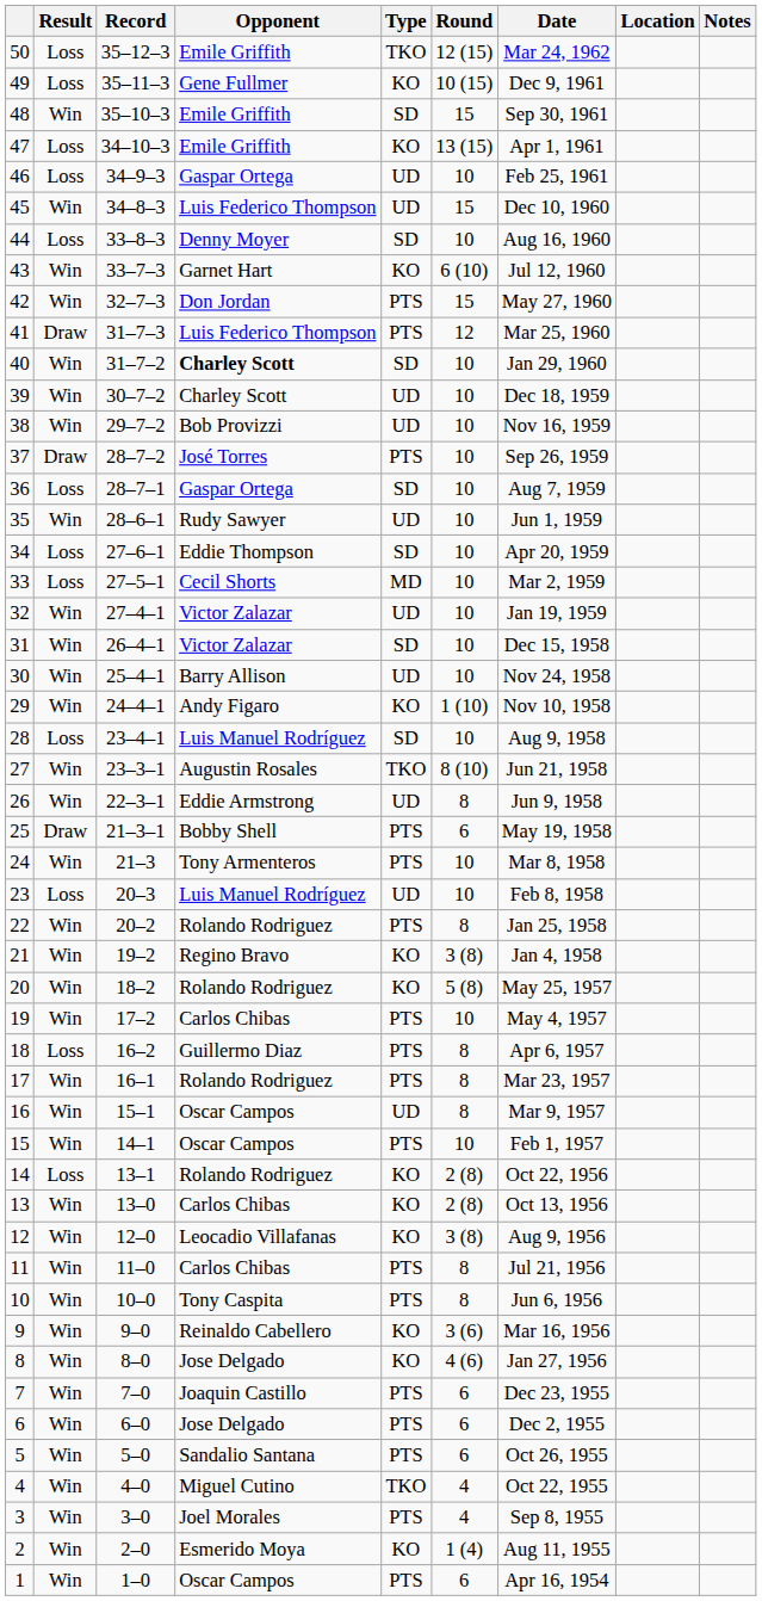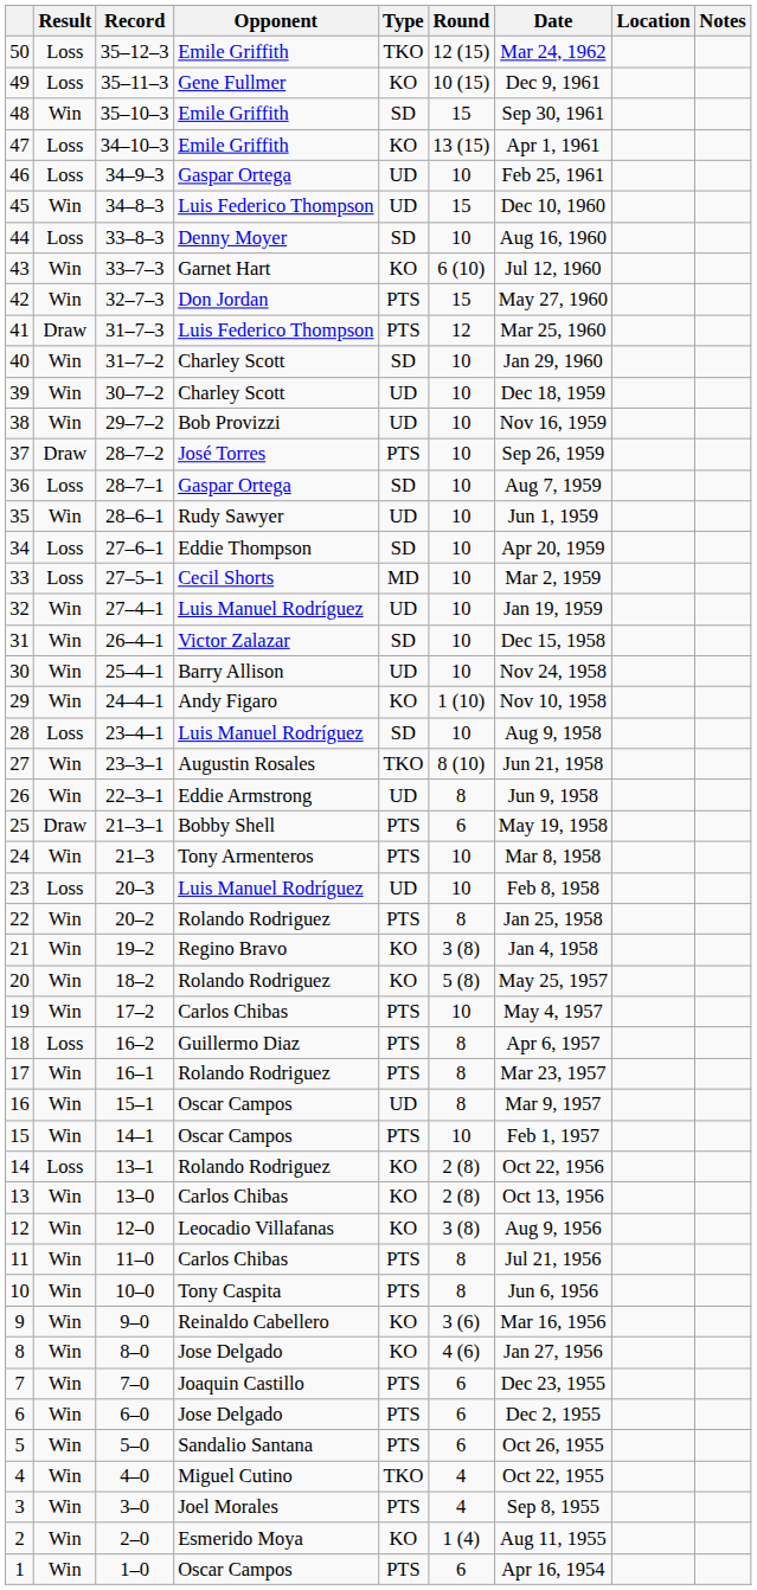 <table class="wikitable" style="text-align:center">
 <tr>
 <th></th>
 <th>Result</th>
 <th>Record</th>
 <th>Opponent</th>
 <th>Type</th>
 <th>Round</th>
 <th>Date</th>
 <th>Location</th>
 <th>Notes</th>
 </tr>
 <tr>
 <td>50</td>
 <td>Loss</td>
 <td>35–12–3</td>
 <td style="text-align:left;"><a href='#'>Emile Griffith</a></td>
 <td>TKO</td>
 <td>12 (15)</td>
 <td><a href='#'>Mar 24, 1962</a></td>
 <td style="text-align:left;"></td>
 <td align=left></td>
 </tr>
 <tr>
 <td>49</td>
 <td>Loss</td>
 <td>35–11–3</td>
 <td style="text-align:left;"><a href='#'>Gene Fullmer</a></td>
 <td>KO</td>
 <td>10 (15)</td>
 <td>Dec 9, 1961</td>
 <td style="text-align:left;"></td>
 <td align=left></td>
 </tr>
 <tr>
 <td>48</td>
 <td>Win</td>
 <td>35–10–3</td>
 <td style="text-align:left;"><a href='#'>Emile Griffith</a></td>
 <td>SD</td>
 <td>15</td>
 <td>Sep 30, 1961</td>
 <td style="text-align:left;"></td>
 <td align=left></td>
 </tr>
 <tr>
 <td>47</td>
 <td>Loss</td>
 <td>34–10–3</td>
 <td style="text-align:left;"><a href='#'>Emile Griffith</a></td>
 <td>KO</td>
 <td>13 (15)</td>
 <td>Apr 1, 1961</td>
 <td style="text-align:left;"></td>
 <td align=left></td>
 </tr>
 <tr>
 <td>46</td>
 <td>Loss</td>
 <td>34–9–3</td>
 <td style="text-align:left;"><a href='#'>Gaspar Ortega</a></td>
 <td>UD</td>
 <td>10</td>
 <td>Feb 25, 1961</td>
 <td style="text-align:left;"></td>
 <td></td>
 </tr>
 <tr>
 <td>45</td>
 <td>Win</td>
 <td>34–8–3</td>
 <td style="text-align:left;"><a href='#'>Luis Federico Thompson</a></td>
 <td>UD</td>
 <td>15</td>
 <td>Dec 10, 1960</td>
 <td style="text-align:left;"></td>
 <td align=left></td>
 </tr>
 <tr>
 <td>44</td>
 <td>Loss</td>
 <td>33–8–3</td>
 <td style="text-align:left;"><a href='#'>Denny Moyer</a></td>
 <td>SD</td>
 <td>10</td>
 <td>Aug 16, 1960</td>
 <td style="text-align:left;"></td>
 <td></td>
 </tr>
 <tr>
 <td>43</td>
 <td>Win</td>
 <td>33–7–3</td>
 <td style="text-align:left;">Garnet Hart</td>
 <td>KO</td>
 <td>6 (10)</td>
 <td>Jul 12, 1960</td>
 <td style="text-align:left;"></td>
 <td></td>
 </tr>
 <tr>
 <td>42</td>
 <td>Win</td>
 <td>32–7–3</td>
 <td style="text-align:left;"><a href='#'>Don Jordan</a></td>
 <td>PTS</td>
 <td>15</td>
 <td>May 27, 1960</td>
 <td style="text-align:left;"></td>
 <td align=left></td>
 </tr>
 <tr>
 <td>41</td>
 <td>Draw</td>
 <td>31–7–3</td>
 <td style="text-align:left;"><a href='#'>Luis Federico Thompson</a></td>
 <td>PTS</td>
 <td>12</td>
 <td>Mar 25, 1960</td>
 <td style="text-align:left;"></td>
 <td></td>
 </tr>
 <tr>
 <td>40</td>
 <td>Win</td>
 <td>31–7–2</td>
-<td style="text-align:left;"><strong>Charley Scott</strong></td>
+<td style="text-align:left;">Charley Scott</td>
 <td>SD</td>
 <td>10</td>
 <td>Jan 29, 1960</td>
 <td style="text-align:left;"></td>
 <td></td>
 </tr>
 <tr>
 <td>39</td>
 <td>Win</td>
 <td>30–7–2</td>
 <td style="text-align:left;">Charley Scott</td>
 <td>UD</td>
 <td>10</td>
 <td>Dec 18, 1959</td>
 <td style="text-align:left;"></td>
 <td></td>
 </tr>
 <tr>
 <td>38</td>
 <td>Win</td>
 <td>29–7–2</td>
 <td style="text-align:left;">Bob Provizzi</td>
 <td>UD</td>
 <td>10</td>
 <td>Nov 16, 1959</td>
 <td style="text-align:left;"></td>
 <td></td>
 </tr>
 <tr>
 <td>37</td>
 <td>Draw</td>
 <td>28–7–2</td>
 <td style="text-align:left;"><a href='#'>José Torres</a></td>
 <td>PTS</td>
 <td>10</td>
 <td>Sep 26, 1959</td>
 <td style="text-align:left;"></td>
 <td></td>
 </tr>
 <tr>
 <td>36</td>
 <td>Loss</td>
 <td>28–7–1</td>
 <td style="text-align:left;"><a href='#'>Gaspar Ortega</a></td>
 <td>SD</td>
 <td>10</td>
 <td>Aug 7, 1959</td>
 <td style="text-align:left;"></td>
 <td></td>
 </tr>
 <tr>
 <td>35</td>
 <td>Win</td>
 <td>28–6–1</td>
 <td style="text-align:left;">Rudy Sawyer</td>
 <td>UD</td>
 <td>10</td>
 <td>Jun 1, 1959</td>
 <td style="text-align:left;"></td>
 <td></td>
 </tr>
 <tr>
 <td>34</td>
 <td>Loss</td>
 <td>27–6–1</td>
 <td style="text-align:left;">Eddie Thompson</td>
 <td>SD</td>
 <td>10</td>
 <td>Apr 20, 1959</td>
 <td style="text-align:left;"></td>
 <td></td>
 </tr>
 <tr>
 <td>33</td>
 <td>Loss</td>
 <td>27–5–1</td>
 <td style="text-align:left;"><a href='#'>Cecil Shorts</a></td>
 <td>MD</td>
 <td>10</td>
 <td>Mar 2, 1959</td>
 <td style="text-align:left;"></td>
 <td></td>
 </tr>
 <tr>
 <td>32</td>
 <td>Win</td>
 <td>27–4–1</td>
-<td style="text-align:left;"><a href='#'>Victor Zalazar</a></td>
+<td style="text-align:left;"><a href='#'>Luis Manuel Rodríguez</a></td>
 <td>UD</td>
 <td>10</td>
 <td>Jan 19, 1959</td>
 <td style="text-align:left;"></td>
 <td></td>
 </tr>
 <tr>
 <td>31</td>
 <td>Win</td>
 <td>26–4–1</td>
 <td style="text-align:left;"><a href='#'>Victor Zalazar</a></td>
 <td>SD</td>
 <td>10</td>
 <td>Dec 15, 1958</td>
 <td style="text-align:left;"></td>
 <td></td>
 </tr>
 <tr>
 <td>30</td>
 <td>Win</td>
 <td>25–4–1</td>
 <td style="text-align:left;">Barry Allison</td>
 <td>UD</td>
 <td>10</td>
 <td>Nov 24, 1958</td>
 <td style="text-align:left;"></td>
 <td></td>
 </tr>
 <tr>
 <td>29</td>
 <td>Win</td>
 <td>24–4–1</td>
 <td style="text-align:left;">Andy Figaro</td>
 <td>KO</td>
 <td>1 (10)</td>
 <td>Nov 10, 1958</td>
 <td style="text-align:left;"></td>
 <td></td>
 </tr>
 <tr>
 <td>28</td>
 <td>Loss</td>
 <td>23–4–1</td>
 <td style="text-align:left;"><a href='#'>Luis Manuel Rodríguez</a></td>
 <td>SD</td>
 <td>10</td>
 <td>Aug 9, 1958</td>
 <td style="text-align:left;"></td>
 <td></td>
 </tr>
 <tr>
 <td>27</td>
 <td>Win</td>
 <td>23–3–1</td>
 <td style="text-align:left;">Augustin Rosales</td>
 <td>TKO</td>
 <td>8 (10)</td>
 <td>Jun 21, 1958</td>
 <td style="text-align:left;"></td>
 <td></td>
 </tr>
 <tr>
 <td>26</td>
 <td>Win</td>
 <td>22–3–1</td>
 <td style="text-align:left;">Eddie Armstrong</td>
 <td>UD</td>
 <td>8</td>
 <td>Jun 9, 1958</td>
 <td style="text-align:left;"></td>
 <td></td>
 </tr>
 <tr>
 <td>25</td>
 <td>Draw</td>
 <td>21–3–1</td>
 <td style="text-align:left;">Bobby Shell</td>
 <td>PTS</td>
 <td>6</td>
 <td>May 19, 1958</td>
 <td style="text-align:left;"></td>
 <td></td>
 </tr>
 <tr>
 <td>24</td>
 <td>Win</td>
 <td>21–3</td>
 <td style="text-align:left;">Tony Armenteros</td>
 <td>PTS</td>
 <td>10</td>
 <td>Mar 8, 1958</td>
 <td style="text-align:left;"></td>
 <td></td>
 </tr>
 <tr>
 <td>23</td>
 <td>Loss</td>
 <td>20–3</td>
 <td style="text-align:left;"><a href='#'>Luis Manuel Rodríguez</a></td>
 <td>UD</td>
 <td>10</td>
 <td>Feb 8, 1958</td>
 <td style="text-align:left;"></td>
 <td></td>
 </tr>
 <tr>
 <td>22</td>
 <td>Win</td>
 <td>20–2</td>
 <td style="text-align:left;">Rolando Rodriguez</td>
 <td>PTS</td>
 <td>8</td>
 <td>Jan 25, 1958</td>
 <td style="text-align:left;"></td>
 <td></td>
 </tr>
 <tr>
 <td>21</td>
 <td>Win</td>
 <td>19–2</td>
 <td style="text-align:left;">Regino Bravo</td>
 <td>KO</td>
 <td>3 (8)</td>
 <td>Jan 4, 1958</td>
 <td style="text-align:left;"></td>
 <td></td>
 </tr>
 <tr>
 <td>20</td>
 <td>Win</td>
 <td>18–2</td>
 <td style="text-align:left;">Rolando Rodriguez</td>
 <td>KO</td>
 <td>5 (8)</td>
 <td>May 25, 1957</td>
 <td style="text-align:left;"></td>
 <td></td>
 </tr>
 <tr>
 <td>19</td>
 <td>Win</td>
 <td>17–2</td>
 <td style="text-align:left;">Carlos Chibas</td>
 <td>PTS</td>
 <td>10</td>
 <td>May 4, 1957</td>
 <td style="text-align:left;"></td>
 <td></td>
 </tr>
 <tr>
 <td>18</td>
 <td>Loss</td>
 <td>16–2</td>
 <td style="text-align:left;">Guillermo Diaz</td>
 <td>PTS</td>
 <td>8</td>
 <td>Apr 6, 1957</td>
 <td style="text-align:left;"></td>
 <td></td>
 </tr>
 <tr>
 <td>17</td>
 <td>Win</td>
 <td>16–1</td>
 <td style="text-align:left;">Rolando Rodriguez</td>
 <td>PTS</td>
 <td>8</td>
 <td>Mar 23, 1957</td>
 <td style="text-align:left;"></td>
 <td></td>
 </tr>
 <tr>
 <td>16</td>
 <td>Win</td>
 <td>15–1</td>
 <td style="text-align:left;">Oscar Campos</td>
 <td>UD</td>
 <td>8</td>
 <td>Mar 9, 1957</td>
 <td style="text-align:left;"></td>
 <td></td>
 </tr>
 <tr>
 <td>15</td>
 <td>Win</td>
 <td>14–1</td>
 <td style="text-align:left;">Oscar Campos</td>
 <td>PTS</td>
 <td>10</td>
 <td>Feb 1, 1957</td>
 <td style="text-align:left;"></td>
 <td></td>
 </tr>
 <tr>
 <td>14</td>
 <td>Loss</td>
 <td>13–1</td>
 <td style="text-align:left;">Rolando Rodriguez</td>
 <td>KO</td>
 <td>2 (8)</td>
 <td>Oct 22, 1956</td>
 <td style="text-align:left;"></td>
 <td></td>
 </tr>
 <tr>
 <td>13</td>
 <td>Win</td>
 <td>13–0</td>
 <td style="text-align:left;">Carlos Chibas</td>
 <td>KO</td>
 <td>2 (8)</td>
 <td>Oct 13, 1956</td>
 <td style="text-align:left;"></td>
 <td></td>
 </tr>
 <tr>
 <td>12</td>
 <td>Win</td>
 <td>12–0</td>
 <td style="text-align:left;">Leocadio Villafanas</td>
 <td>KO</td>
 <td>3 (8)</td>
 <td>Aug 9, 1956</td>
 <td style="text-align:left;"></td>
 <td></td>
 </tr>
 <tr>
 <td>11</td>
 <td>Win</td>
 <td>11–0</td>
 <td style="text-align:left;">Carlos Chibas</td>
 <td>PTS</td>
 <td>8</td>
 <td>Jul 21, 1956</td>
 <td style="text-align:left;"></td>
 <td></td>
 </tr>
 <tr>
 <td>10</td>
 <td>Win</td>
 <td>10–0</td>
 <td style="text-align:left;">Tony Caspita</td>
 <td>PTS</td>
 <td>8</td>
 <td>Jun 6, 1956</td>
 <td style="text-align:left;"></td>
 <td></td>
 </tr>
 <tr>
 <td>9</td>
 <td>Win</td>
 <td>9–0</td>
 <td style="text-align:left;">Reinaldo Cabellero</td>
 <td>KO</td>
 <td>3 (6)</td>
 <td>Mar 16, 1956</td>
 <td style="text-align:left;"></td>
 <td></td>
 </tr>
 <tr>
 <td>8</td>
 <td>Win</td>
 <td>8–0</td>
 <td style="text-align:left;">Jose Delgado</td>
 <td>KO</td>
 <td>4 (6)</td>
 <td>Jan 27, 1956</td>
 <td style="text-align:left;"></td>
 <td></td>
 </tr>
 <tr>
 <td>7</td>
 <td>Win</td>
 <td>7–0</td>
 <td style="text-align:left;">Joaquin Castillo</td>
 <td>PTS</td>
 <td>6</td>
 <td>Dec 23, 1955</td>
 <td style="text-align:left;"></td>
 <td></td>
 </tr>
 <tr>
 <td>6</td>
 <td>Win</td>
 <td>6–0</td>
 <td style="text-align:left;">Jose Delgado</td>
 <td>PTS</td>
 <td>6</td>
 <td>Dec 2, 1955</td>
 <td style="text-align:left;"></td>
 <td></td>
 </tr>
 <tr>
 <td>5</td>
 <td>Win</td>
 <td>5–0</td>
 <td style="text-align:left;">Sandalio Santana</td>
 <td>PTS</td>
 <td>6</td>
 <td>Oct 26, 1955</td>
 <td style="text-align:left;"></td>
 <td></td>
 </tr>
 <tr>
 <td>4</td>
 <td>Win</td>
 <td>4–0</td>
 <td style="text-align:left;">Miguel Cutino</td>
 <td>TKO</td>
 <td>4</td>
 <td>Oct 22, 1955</td>
 <td style="text-align:left;"></td>
 <td></td>
 </tr>
 <tr>
 <td>3</td>
 <td>Win</td>
 <td>3–0</td>
 <td style="text-align:left;">Joel Morales</td>
 <td>PTS</td>
 <td>4</td>
 <td>Sep 8, 1955</td>
 <td style="text-align:left;"></td>
 <td></td>
 </tr>
 <tr>
 <td>2</td>
 <td>Win</td>
 <td>2–0</td>
 <td style="text-align:left;">Esmerido Moya</td>
 <td>KO</td>
 <td>1 (4)</td>
 <td>Aug 11, 1955</td>
 <td style="text-align:left;"></td>
 <td></td>
 </tr>
 <tr>
 <td>1</td>
 <td>Win</td>
 <td>1–0</td>
 <td style="text-align:left;">Oscar Campos</td>
 <td>PTS</td>
 <td>6</td>
 <td>Apr 16, 1954</td>
 <td style="text-align:left;"></td>
 <td></td>
 </tr>
 </table>
